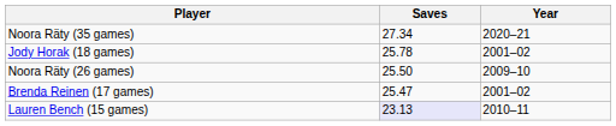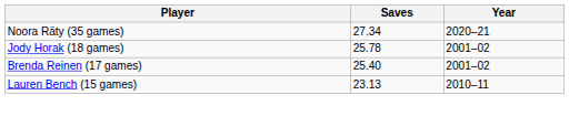 <table class="wikitable" style="width: 50em">
 <tr>
 <th>Player</th>
 <th>Saves</th>
 <th>Year</th>
 </tr>
 <tr>
 <td>Noora Räty (35 games)</td>
 <td>27.34</td>
 <td>2020–21</td>
 </tr>
 <tr>
 <td><a href='#'>Jody Horak</a> (18 games)</td>
 <td>25.78</td>
 <td>2001–02</td>
 </tr>
 <tr>
-<td>Noora Räty (26 games)</td>
-<td>25.50</td>
-<td>2009–10</td>
-</tr>
-<tr>
 <td><a href='#'>Brenda Reinen</a> (17 games)</td>
-<td>25.47</td>
+<td>25.40</td>
 <td>2001–02</td>
 </tr>
 <tr>
 <td><a href='#'>Lauren Bench</a> (15 games)</td>
-<td style="background: lavender;">23.13</td>
+<td>23.13</td>
 <td>2010–11</td>
 </tr>
 </table>
